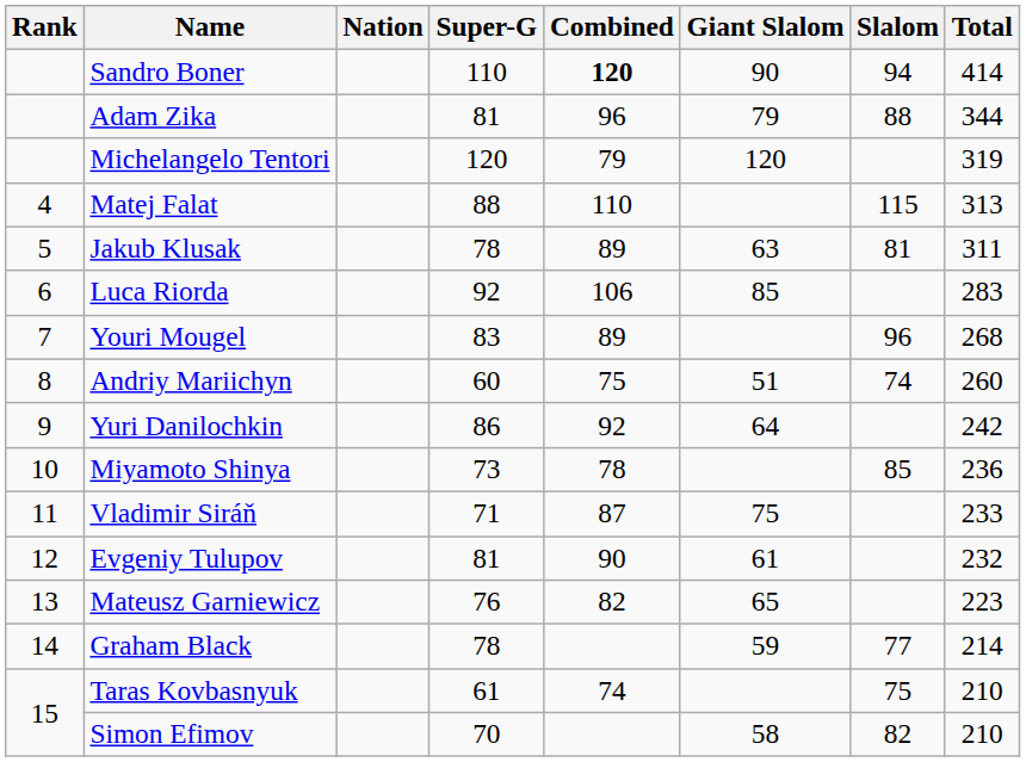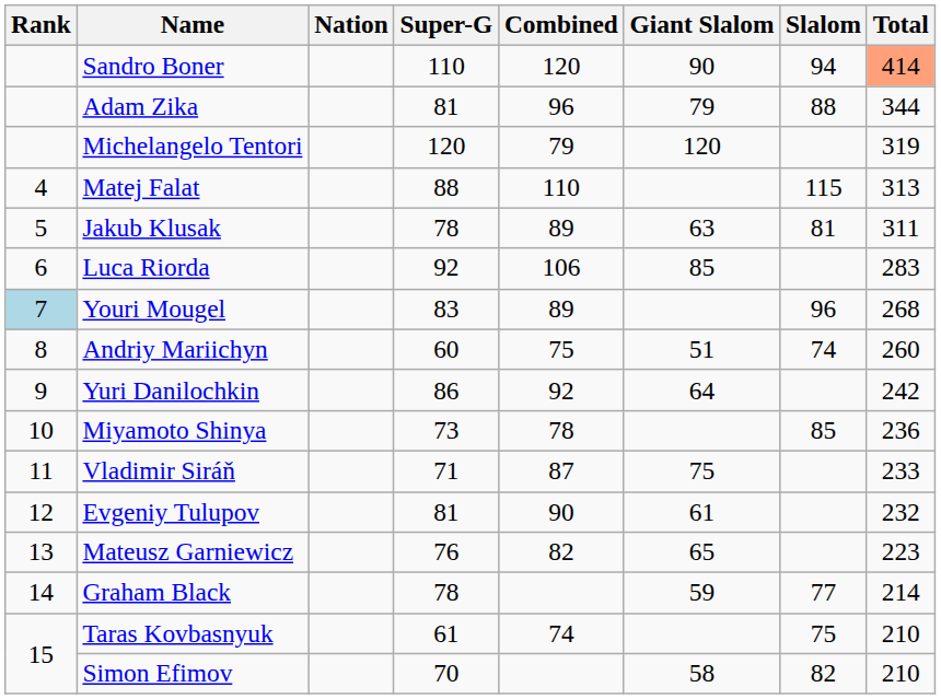 <table class="wikitable sortable" style="text-align:center">
 <tr>
 <th>Rank</th>
 <th>Name</th>
 <th>Nation</th>
 <th>Super-G</th>
 <th>Combined</th>
 <th>Giant Slalom</th>
 <th>Slalom</th>
 <th>Total</th>
 </tr>
 <tr>
 <td></td>
 <td align=left><a href='#'>Sandro Boner</a></td>
 <td align=left></td>
 <td>110</td>
-<td><strong>120</strong></td>
+<td>120</td>
 <td>90</td>
 <td>94</td>
-<td>414</td>
+<td style="background: lightsalmon;">414</td>
 </tr>
 <tr>
 <td></td>
 <td align=left><a href='#'>Adam Zika</a></td>
 <td align=left></td>
 <td>81</td>
 <td>96</td>
 <td>79</td>
 <td>88</td>
 <td>344</td>
 </tr>
 <tr>
 <td></td>
 <td align=left><a href='#'>Michelangelo Tentori</a></td>
 <td align=left></td>
 <td>120</td>
 <td>79</td>
 <td>120</td>
 <td></td>
 <td>319</td>
 </tr>
 <tr>
 <td>4</td>
 <td align=left><a href='#'>Matej Falat</a></td>
 <td align=left></td>
 <td>88</td>
 <td>110</td>
 <td></td>
 <td>115</td>
 <td>313</td>
 </tr>
 <tr>
 <td>5</td>
 <td align=left><a href='#'>Jakub Klusak</a></td>
 <td align=left></td>
 <td>78</td>
 <td>89</td>
 <td>63</td>
 <td>81</td>
 <td>311</td>
 </tr>
 <tr>
 <td>6</td>
 <td align=left><a href='#'>Luca Riorda</a></td>
 <td align=left></td>
 <td>92</td>
 <td>106</td>
 <td>85</td>
 <td></td>
 <td>283</td>
 </tr>
 <tr>
-<td>7</td>
+<td style="background: lightblue;">7</td>
 <td align=left><a href='#'>Youri Mougel</a></td>
 <td align=left></td>
 <td>83</td>
 <td>89</td>
 <td></td>
 <td>96</td>
 <td>268</td>
 </tr>
 <tr>
 <td>8</td>
 <td align=left><a href='#'>Andriy Mariichyn</a></td>
 <td align=left></td>
 <td>60</td>
 <td>75</td>
 <td>51</td>
 <td>74</td>
 <td>260</td>
 </tr>
 <tr>
 <td>9</td>
 <td align=left><a href='#'>Yuri Danilochkin</a></td>
 <td align=left></td>
 <td>86</td>
 <td>92</td>
 <td>64</td>
 <td></td>
 <td>242</td>
 </tr>
 <tr>
 <td>10</td>
 <td align=left><a href='#'>Miyamoto Shinya</a></td>
 <td align=left></td>
 <td>73</td>
 <td>78</td>
 <td></td>
 <td>85</td>
 <td>236</td>
 </tr>
 <tr>
 <td>11</td>
 <td align=left><a href='#'>Vladimir Siráň</a></td>
 <td align=left></td>
 <td>71</td>
 <td>87</td>
 <td>75</td>
 <td></td>
 <td>233</td>
 </tr>
 <tr>
 <td>12</td>
 <td align=left><a href='#'>Evgeniy Tulupov</a></td>
 <td align=left></td>
 <td>81</td>
 <td>90</td>
 <td>61</td>
 <td></td>
 <td>232</td>
 </tr>
 <tr>
 <td>13</td>
 <td align=left><a href='#'>Mateusz Garniewicz</a></td>
 <td align=left></td>
 <td>76</td>
 <td>82</td>
 <td>65</td>
 <td></td>
 <td>223</td>
 </tr>
 <tr>
 <td>14</td>
 <td align=left><a href='#'>Graham Black</a></td>
 <td align=left></td>
 <td>78</td>
 <td></td>
 <td>59</td>
 <td>77</td>
 <td>214</td>
 </tr>
 <tr>
 <td rowspan=2>15</td>
 <td align=left><a href='#'>Taras Kovbasnyuk</a></td>
 <td align=left></td>
 <td>61</td>
 <td>74</td>
 <td></td>
 <td>75</td>
 <td>210</td>
 </tr>
 <tr>
 <td align=left><a href='#'>Simon Efimov</a></td>
 <td align=left></td>
 <td>70</td>
 <td></td>
 <td>58</td>
 <td>82</td>
 <td>210</td>
 </tr>
 </table>
